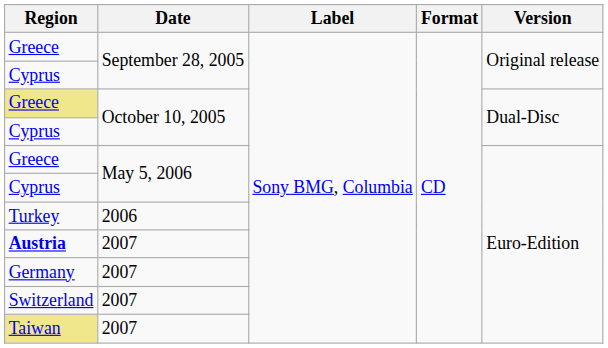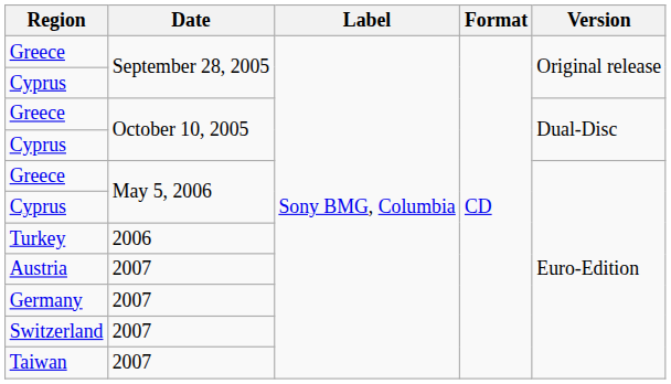 <table class="sortable wikitable">
 <tr>
 <th>Region</th>
 <th>Date</th>
 <th>Label</th>
 <th>Format</th>
 <th>Version</th>
 </tr>
 <tr>
 <td><a href='#'>Greece</a></td>
 <td rowspan="2">September 28, 2005</td>
 <td rowspan="11"><a href='#'>Sony BMG</a>, <a href='#'>Columbia</a></td>
 <td rowspan="11"><a href='#'>CD</a></td>
 <td rowspan="2">Original release</td>
 </tr>
 <tr>
 <td><a href='#'>Cyprus</a></td>
 </tr>
 <tr>
-<td style="background: khaki;"><a href='#'>Greece</a></td>
+<td><a href='#'>Greece</a></td>
 <td rowspan="2">October 10, 2005</td>
 <td rowspan="2">Dual-Disc</td>
 </tr>
 <tr>
 <td><a href='#'>Cyprus</a></td>
 </tr>
 <tr>
 <td><a href='#'>Greece</a></td>
 <td rowspan="2">May 5, 2006</td>
 <td rowspan="7">Euro-Edition</td>
 </tr>
 <tr>
 <td><a href='#'>Cyprus</a></td>
 </tr>
 <tr>
 <td><a href='#'>Turkey</a></td>
 <td>2006</td>
 </tr>
 <tr>
-<td><strong><a href='#'>Austria</a></strong></td>
+<td><a href='#'>Austria</a></td>
 <td>2007</td>
 </tr>
 <tr>
 <td><a href='#'>Germany</a></td>
 <td>2007</td>
 </tr>
 <tr>
 <td><a href='#'>Switzerland</a></td>
 <td>2007</td>
 </tr>
 <tr>
-<td style="background: khaki;"><a href='#'>Taiwan</a></td>
+<td><a href='#'>Taiwan</a></td>
 <td>2007</td>
 </tr>
 </table>
